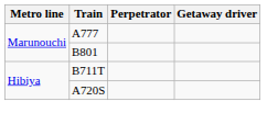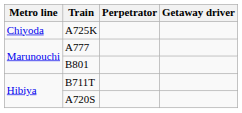 <table class="wikitable">
 <tr>
 <th>Metro line</th>
 <th>Train</th>
 <th>Perpetrator</th>
 <th>Getaway driver</th>
+</tr>
+<tr>
+<td><a href='#'>Chiyoda</a></td>
+<td>A725K</td>
+<td></td>
+<td></td>
 </tr>
 <tr>
 <td rowspan="2"><a href='#'>Marunouchi</a></td>
 <td>A777</td>
 <td></td>
 <td></td>
 </tr>
 <tr>
 <td>B801</td>
 <td></td>
 <td></td>
 </tr>
 <tr>
 <td rowspan="2"><a href='#'>Hibiya</a></td>
 <td>B711T</td>
 <td></td>
 <td></td>
 </tr>
 <tr>
 <td>A720S</td>
 <td></td>
 <td></td>
 </tr>
 </table>
